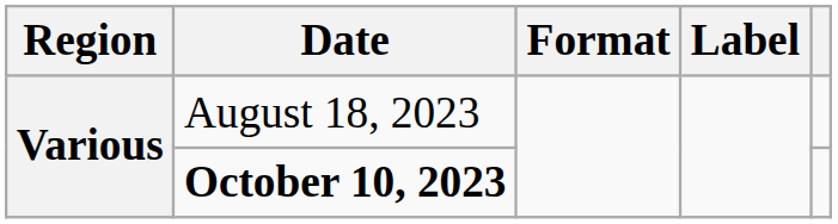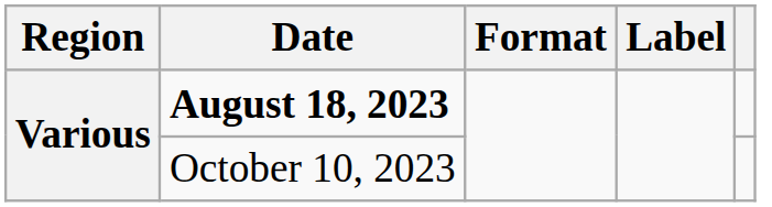 <table class="wikitable plainrowheaders">
 <tr>
 <th>Region</th>
 <th>Date</th>
 <th>Format</th>
 <th>Label</th>
 <th></th>
 </tr>
 <tr>
 <th rowspan="2" scope="row">Various</th>
-<td>August 18, 2023</td>
+<td><strong>August 18, 2023</strong></td>
 <td rowspan="2"></td>
 <td rowspan="2"></td>
 <td></td>
 </tr>
 <tr>
-<td><strong>October 10, 2023</strong></td>
+<td>October 10, 2023</td>
 <td></td>
 </tr>
 </table>
